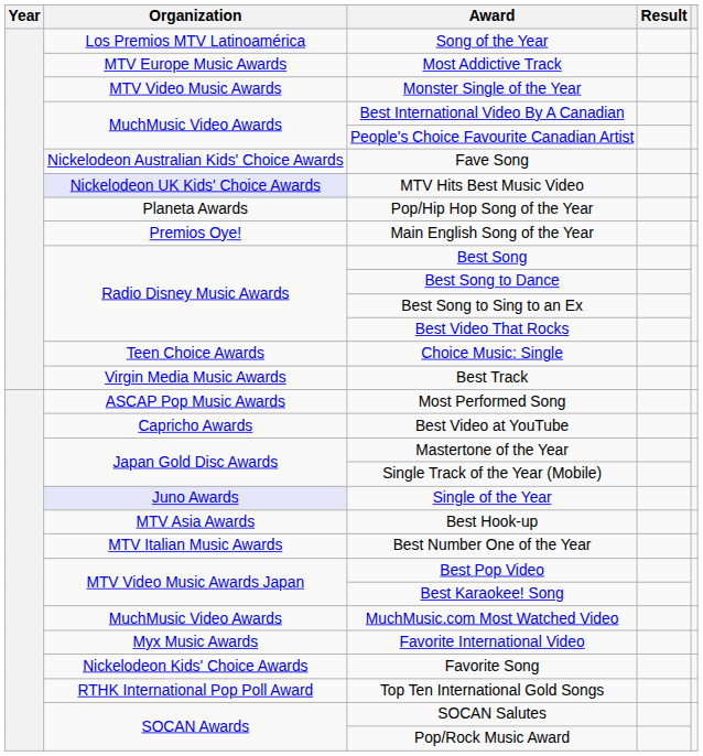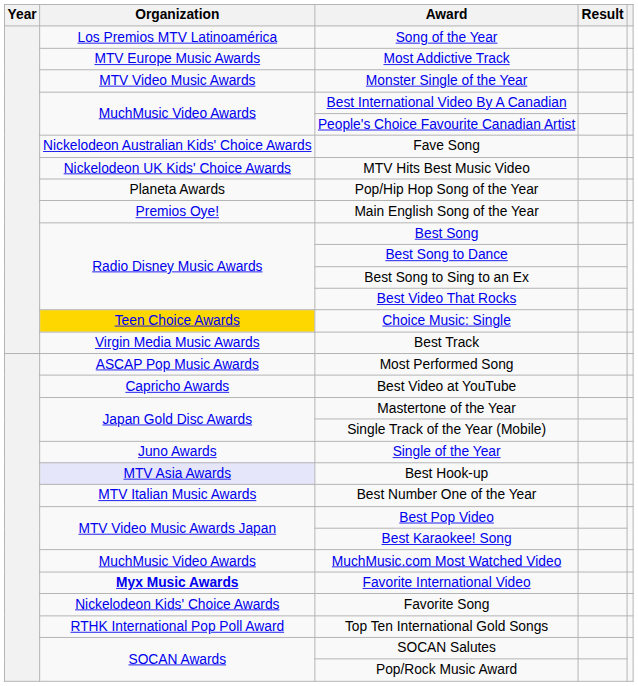 <table class="wikitable plainrowheaders sortable collapsible" style="text-align:center">
 <tr>
 <th scope=col class="sortable">Year</th>
 <th scope=col class="sortable">Organization</th>
 <th scope=col class="sortable">Award</th>
 <th scope=col class="sortable">Result</th>
 <th scope=col class="unsortable"></th>
 </tr>
 <tr>
 <th scope="row" rowspan="15"></th>
 <td scope="row" rowspan="1"><a href='#'>Los Premios MTV Latinoamérica</a></td>
 <td><a href='#'>Song of the Year</a></td>
 <td></td>
 <td rowspan="1" style="text-align:center;"></td>
 </tr>
 <tr>
 <td scope="row" rowspan="1"><a href='#'>MTV Europe Music Awards</a></td>
 <td><a href='#'>Most Addictive Track</a></td>
 <td></td>
 <td rowspan="1" style="text-align:center;"></td>
 </tr>
 <tr>
 <td scope="row" rowspan="1"><a href='#'>MTV Video Music Awards</a></td>
 <td><a href='#'>Monster Single of the Year</a></td>
 <td></td>
 <td rowspan="1" style="text-align:center;"></td>
 </tr>
 <tr>
 <td scope="row" rowspan = "2"><a href='#'>MuchMusic Video Awards</a></td>
 <td><a href='#'>Best International Video By A Canadian</a></td>
 <td></td>
 <td rowspan="2" style="text-align:center;"></td>
 </tr>
 <tr>
 <td><a href='#'>People's Choice Favourite Canadian Artist</a></td>
 <td></td>
 </tr>
 <tr>
 <td scope="row" rowspan="1"><a href='#'>Nickelodeon Australian Kids' Choice Awards</a></td>
 <td>Fave Song</td>
 <td></td>
 <td rowspan="1" style="text-align:center;"></td>
 </tr>
 <tr>
-<td scope="row" rowspan="1" style="background: lavender;"><a href='#'>Nickelodeon UK Kids' Choice Awards</a></td>
+<td scope="row" rowspan="1"><a href='#'>Nickelodeon UK Kids' Choice Awards</a></td>
 <td>MTV Hits Best Music Video</td>
 <td></td>
 <td rowspan="1" style="text-align:center;"></td>
 </tr>
 <tr>
 <td scope="row" rowspan="1">Planeta Awards</td>
 <td>Pop/Hip Hop Song of the Year</td>
 <td></td>
 <td rowspan="1" style="text-align:center;"></td>
 </tr>
 <tr>
 <td scope="row" rowspan="1"><a href='#'>Premios Oye!</a></td>
 <td>Main English Song of the Year</td>
 <td></td>
 <td rowspan="1" style="text-align:center;"></td>
 </tr>
 <tr>
 <td scope="row" rowspan="4"><a href='#'>Radio Disney Music Awards</a></td>
 <td><a href='#'>Best Song</a></td>
 <td></td>
 <td rowspan="4" style="text-align:center;"></td>
 </tr>
 <tr>
 <td><a href='#'>Best Song to Dance</a></td>
 <td></td>
 </tr>
 <tr>
 <td>Best Song to Sing to an Ex</td>
 <td></td>
 </tr>
 <tr>
 <td><a href='#'>Best Video That Rocks</a></td>
 <td></td>
 </tr>
 <tr>
-<td scope="row" rowspan="1"><a href='#'>Teen Choice Awards</a></td>
+<td scope="row" rowspan="1" style="background: gold;"><a href='#'>Teen Choice Awards</a></td>
 <td><a href='#'>Choice Music: Single</a></td>
 <td></td>
 <td rowspan="1" style="text-align:center;"></td>
 </tr>
 <tr>
 <td><a href='#'>Virgin Media Music Awards</a></td>
 <td>Best Track</td>
 <td></td>
 <td style="text-align:center;"></td>
 </tr>
 <tr>
 <th scope="row" rowspan="15"></th>
 <td><a href='#'>ASCAP Pop Music Awards</a></td>
 <td>Most Performed Song</td>
 <td></td>
 <td style="text-align:center;"></td>
 </tr>
 <tr>
 <td><a href='#'>Capricho Awards</a></td>
 <td>Best Video at YouTube</td>
 <td></td>
 <td style="text-align:center;"></td>
 </tr>
 <tr>
 <td rowspan = "2"><a href='#'>Japan Gold Disc Awards</a></td>
 <td>Mastertone of the Year</td>
 <td></td>
 <td rowspan= "2" style= "text-align:center;"></td>
 </tr>
 <tr>
 <td>Single Track of the Year (Mobile)</td>
 <td></td>
 </tr>
 <tr>
-<td style="background: lavender;"><a href='#'>Juno Awards</a></td>
+<td><a href='#'>Juno Awards</a></td>
 <td><a href='#'>Single of the Year</a></td>
 <td></td>
 <td style="text-align:center;"></td>
 </tr>
 <tr>
-<td><a href='#'>MTV Asia Awards</a></td>
+<td style="background: lavender;"><a href='#'>MTV Asia Awards</a></td>
 <td>Best Hook-up</td>
 <td></td>
 <td style="text-align:center;"></td>
 </tr>
 <tr>
 <td><a href='#'>MTV Italian Music Awards</a></td>
 <td>Best Number One of the Year</td>
 <td></td>
 <td style="text-align:center;"></td>
 </tr>
 <tr>
 <td rowspan = "2"><a href='#'>MTV Video Music Awards Japan</a></td>
 <td><a href='#'>Best Pop Video</a></td>
 <td></td>
 <td rowspan= "2" style= "text-align:center;"></td>
 </tr>
 <tr>
 <td><a href='#'>Best Karaokee! Song</a></td>
 <td></td>
 </tr>
 <tr>
 <td><a href='#'>MuchMusic Video Awards</a></td>
 <td><a href='#'>MuchMusic.com Most Watched Video</a></td>
 <td></td>
 <td style="text-align:center;"></td>
 </tr>
 <tr>
-<td><a href='#'>Myx Music Awards</a></td>
+<td><strong><a href='#'>Myx Music Awards</a></strong></td>
 <td><a href='#'>Favorite International Video</a></td>
 <td></td>
 <td style="text-align:center;"></td>
 </tr>
 <tr>
 <td><a href='#'>Nickelodeon Kids' Choice Awards</a></td>
 <td>Favorite Song</td>
 <td></td>
 <td style="text-align:center;"></td>
 </tr>
 <tr>
 <td><a href='#'>RTHK International Pop Poll Award</a></td>
 <td>Top Ten International Gold Songs</td>
 <td></td>
 <td style="text-align:center;"></td>
 </tr>
 <tr>
 <td rowspan= "2"><a href='#'>SOCAN Awards</a></td>
 <td>SOCAN Salutes </td>
 <td></td>
 <td align=center rowspan= "2"></td>
 </tr>
 <tr>
 <td>Pop/Rock Music Award</td>
 <td></td>
 </tr>
 </table>
